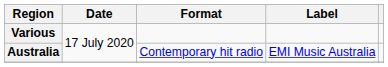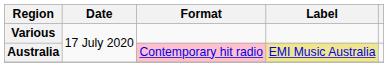 <table class="wikitable plainrowheaders">
 <tr>
 <th>Region</th>
 <th>Date</th>
 <th>Format</th>
 <th>Label</th>
 <th></th>
 </tr>
 <tr>
 <th scope="row">Various</th>
 <td rowspan="2">17 July 2020</td>
 <td></td>
 <td></td>
 <td></td>
 </tr>
 <tr>
 <th scope="row">Australia</th>
-<td><a href='#'>Contemporary hit radio</a></td>
-<td><a href='#'>EMI Music Australia</a></td>
+<td style="background: pink;"><a href='#'>Contemporary hit radio</a></td>
+<td style="background: khaki;"><a href='#'>EMI Music Australia</a></td>
 <td></td>
 </tr>
 <tr>
 </tr>
 </table>
